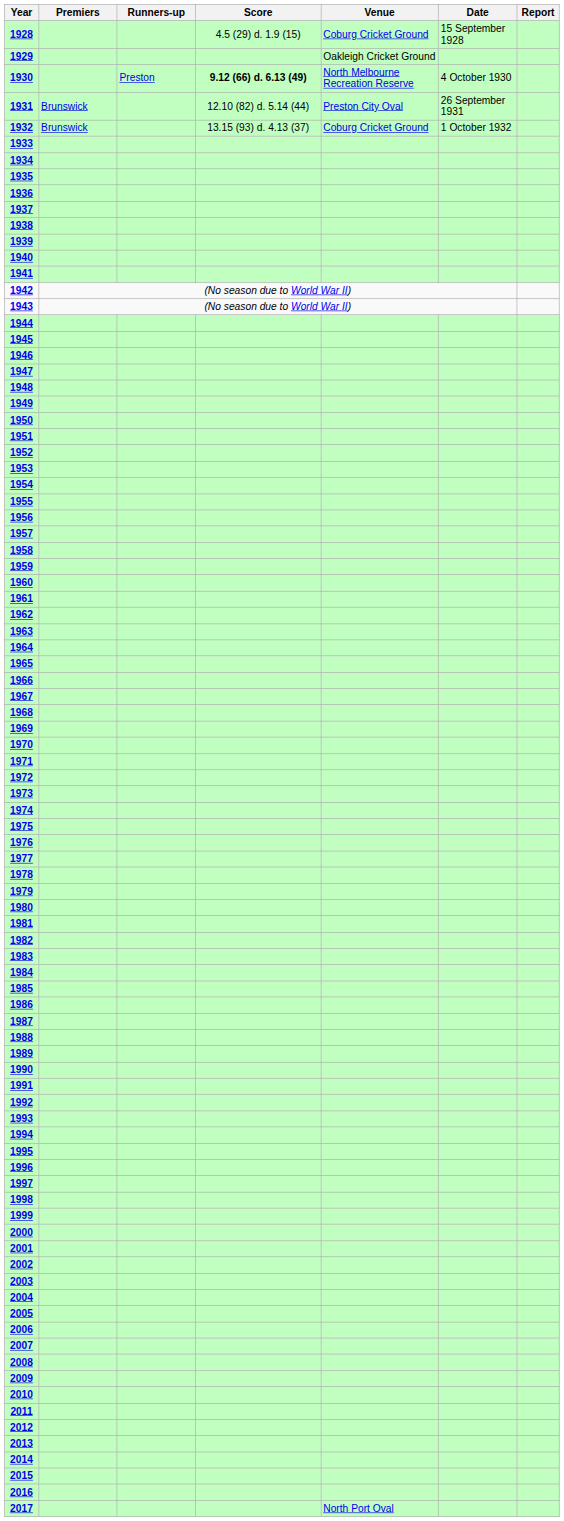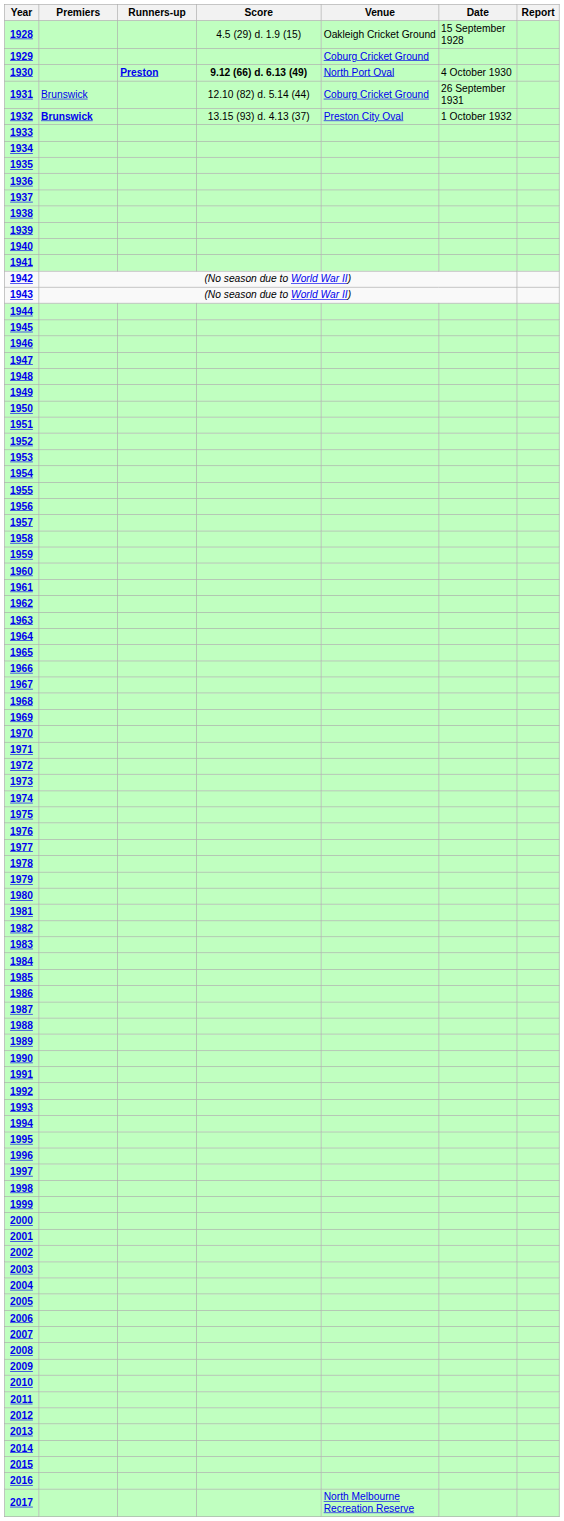 <table class="wikitable sortable" style="text-align:left; text-valign:center">
 <tr>
 <th width=3%>Year</th>
 <th width=10%>Premiers</th>
 <th width=10%>Runners-up</th>
 <th width=16%>Score</th>
 <th width=15%>Venue</th>
 <th width=10%; class=unsortable>Date</th>
 <th width=2%; class=unsortable>Report</th>
 </tr>
 <tr style="background:#C0FFC0;">
 <td align=center><strong><a href='#'>1928</a></strong></td>
 <td> </td>
 <td></td>
 <td align=center>4.5 (29) d. 1.9 (15)</td>
-<td><a href='#'>Coburg Cricket Ground</a></td>
+<td>Oakleigh Cricket Ground</td>
 <td>15 September 1928</td>
 <td align=center></td>
 </tr>
 <tr style="background:#C0FFC0;">
 <td align=center><strong><a href='#'>1929</a></strong></td>
 <td> </td>
 <td></td>
 <td align=center></td>
-<td>Oakleigh Cricket Ground</td>
+<td><a href='#'>Coburg Cricket Ground</a></td>
 <td></td>
 <td align=center></td>
 </tr>
 <tr style="background:#C0FFC0;">
 <td align=center><strong><a href='#'>1930</a></strong></td>
 <td> </td>
-<td><a href='#'>Preston</a></td>
+<td><strong><a href='#'>Preston</a></strong></td>
 <td align=center><strong>9.12 (66) d. 6.13 (49)</strong></td>
-<td><a href='#'>North Melbourne Recreation Reserve</a></td>
+<td><a href='#'>North Port Oval</a></td>
 <td>4 October 1930</td>
 <td align=center></td>
 </tr>
 <tr style="background:#C0FFC0;">
 <td align=center><strong><a href='#'>1931</a></strong></td>
 <td><a href='#'>Brunswick</a> </td>
 <td></td>
 <td align=center>12.10 (82) d. 5.14 (44)</td>
-<td><a href='#'>Preston City Oval</a></td>
+<td><a href='#'>Coburg Cricket Ground</a></td>
 <td>26 September 1931</td>
 <td align=center></td>
 </tr>
 <tr style="background:#C0FFC0;">
 <td align=center><strong><a href='#'>1932</a></strong></td>
-<td><a href='#'>Brunswick</a> </td>
+<td><strong><a href='#'>Brunswick</a> </strong></td>
 <td></td>
 <td align=center>13.15 (93) d. 4.13 (37)</td>
-<td><a href='#'>Coburg Cricket Ground</a></td>
+<td><a href='#'>Preston City Oval</a></td>
 <td>1 October 1932</td>
 <td align=center></td>
 </tr>
 <tr style="background:#C0FFC0;">
 <td align="center"><strong><a href='#'>1933</a></strong></td>
 <td></td>
 <td></td>
 <td align=center></td>
 <td></td>
 <td></td>
 <td align=center></td>
 </tr>
 <tr style="background:#C0FFC0;">
 <td align="center"><strong><a href='#'>1934</a></strong></td>
 <td></td>
 <td></td>
 <td align=center></td>
 <td></td>
 <td></td>
 <td align=center></td>
 </tr>
 <tr style="background:#C0FFC0;">
 <td align="center"><strong><a href='#'>1935</a></strong></td>
 <td></td>
 <td></td>
 <td align=center></td>
 <td></td>
 <td></td>
 <td align=center></td>
 </tr>
 <tr style="background:#C0FFC0;">
 <td align="center"><strong><a href='#'>1936</a></strong></td>
 <td></td>
 <td></td>
 <td align=center></td>
 <td></td>
 <td></td>
 <td align=center></td>
 </tr>
 <tr style="background:#C0FFC0;">
 <td align="center"><strong><a href='#'>1937</a></strong></td>
 <td></td>
 <td></td>
 <td align=center></td>
 <td></td>
 <td></td>
 <td align=center></td>
 </tr>
 <tr style="background:#C0FFC0;">
 <td align="center"><strong><a href='#'>1938</a></strong></td>
 <td></td>
 <td></td>
 <td align=center></td>
 <td></td>
 <td></td>
 <td align=center></td>
 </tr>
 <tr style="background:#C0FFC0;">
 <td align="center"><strong><a href='#'>1939</a></strong></td>
 <td></td>
 <td></td>
 <td align=center></td>
 <td></td>
 <td></td>
 <td align=center></td>
 </tr>
 <tr style="background:#C0FFC0;">
 <td align="center"><strong><a href='#'>1940</a></strong></td>
 <td></td>
 <td></td>
 <td align=center></td>
 <td></td>
 <td></td>
 <td align=center></td>
 </tr>
 <tr style="background:#C0FFC0;">
 <td align="center"><strong><a href='#'>1941</a></strong></td>
 <td></td>
 <td></td>
 <td align=center></td>
 <td></td>
 <td></td>
 <td align=center></td>
 </tr>
 <tr>
 <td align="center"><strong><a href='#'>1942</a></strong></td>
 <td colspan="5"; align="center"><em>(No season due to <a href='#'>World War II</a>)</em></td>
 <td align=center></td>
 </tr>
 <tr>
 <td align="center"><strong><a href='#'>1943</a></strong></td>
 <td colspan="5"; align="center"><em>(No season due to <a href='#'>World War II</a>)</em></td>
 <td align=center></td>
 </tr>
 <tr style="background:#C0FFC0;">
 <td align="center"><strong><a href='#'>1944</a></strong></td>
 <td></td>
 <td></td>
 <td align=center></td>
 <td></td>
 <td></td>
 <td align=center></td>
 </tr>
 <tr style="background:#C0FFC0;">
 <td align="center"><strong><a href='#'>1945</a></strong></td>
 <td></td>
 <td></td>
 <td align=center></td>
 <td></td>
 <td></td>
 <td align=center></td>
 </tr>
 <tr style="background:#C0FFC0;">
 <td align="center"><strong><a href='#'>1946</a></strong></td>
 <td></td>
 <td></td>
 <td align=center></td>
 <td></td>
 <td></td>
 <td align=center></td>
 </tr>
 <tr style="background:#C0FFC0;">
 <td align="center"><strong><a href='#'>1947</a></strong></td>
 <td></td>
 <td></td>
 <td align=center></td>
 <td></td>
 <td></td>
 <td align=center></td>
 </tr>
 <tr style="background:#C0FFC0;">
 <td align="center"><strong><a href='#'>1948</a></strong></td>
 <td></td>
 <td></td>
 <td align=center></td>
 <td></td>
 <td></td>
 <td align=center></td>
 </tr>
 <tr style="background:#C0FFC0;">
 <td align="center"><strong><a href='#'>1949</a></strong></td>
 <td></td>
 <td></td>
 <td align=center></td>
 <td></td>
 <td></td>
 <td align=center></td>
 </tr>
 <tr style="background:#C0FFC0;">
 <td align="center"><strong><a href='#'>1950</a></strong></td>
 <td></td>
 <td></td>
 <td align=center></td>
 <td></td>
 <td></td>
 <td align=center></td>
 </tr>
 <tr style="background:#C0FFC0;">
 <td align="center"><strong><a href='#'>1951</a></strong></td>
 <td></td>
 <td></td>
 <td align=center></td>
 <td></td>
 <td></td>
 <td align=center></td>
 </tr>
 <tr style="background:#C0FFC0;">
 <td align="center"><strong><a href='#'>1952</a></strong></td>
 <td></td>
 <td></td>
 <td align=center></td>
 <td></td>
 <td></td>
 <td align=center></td>
 </tr>
 <tr style="background:#C0FFC0;">
 <td align="center"><strong><a href='#'>1953</a></strong></td>
 <td></td>
 <td></td>
 <td align=center></td>
 <td></td>
 <td></td>
 <td align=center></td>
 </tr>
 <tr style="background:#C0FFC0;">
 <td align="center"><strong><a href='#'>1954</a></strong></td>
 <td></td>
 <td></td>
 <td align=center></td>
 <td></td>
 <td></td>
 <td align=center></td>
 </tr>
 <tr style="background:#C0FFC0;">
 <td align="center"><strong><a href='#'>1955</a></strong></td>
 <td></td>
 <td></td>
 <td align=center></td>
 <td></td>
 <td></td>
 <td align=center></td>
 </tr>
 <tr style="background:#C0FFC0;">
 <td align="center"><strong><a href='#'>1956</a></strong></td>
 <td></td>
 <td></td>
 <td align=center></td>
 <td></td>
 <td></td>
 <td align=center></td>
 </tr>
 <tr style="background:#C0FFC0;">
 <td align="center"><strong><a href='#'>1957</a></strong></td>
 <td></td>
 <td></td>
 <td align=center></td>
 <td></td>
 <td></td>
 <td align=center></td>
 </tr>
 <tr style="background:#C0FFC0;">
 <td align="center"><strong><a href='#'>1958</a></strong></td>
 <td></td>
 <td></td>
 <td align=center></td>
 <td></td>
 <td></td>
 <td align=center></td>
 </tr>
 <tr style="background:#C0FFC0;">
 <td align="center"><strong><a href='#'>1959</a></strong></td>
 <td></td>
 <td></td>
 <td align=center></td>
 <td></td>
 <td></td>
 <td align=center></td>
 </tr>
 <tr style="background:#C0FFC0;">
 <td align="center"><strong><a href='#'>1960</a></strong></td>
 <td></td>
 <td></td>
 <td align=center></td>
 <td></td>
 <td></td>
 <td align=center></td>
 </tr>
 <tr style="background:#C0FFC0;">
 <td align="center"><strong><a href='#'>1961</a></strong></td>
 <td></td>
 <td></td>
 <td align=center></td>
 <td></td>
 <td></td>
 <td align=center></td>
 </tr>
 <tr style="background:#C0FFC0;">
 <td align="center"><strong><a href='#'>1962</a></strong></td>
 <td></td>
 <td></td>
 <td align=center></td>
 <td></td>
 <td></td>
 <td align=center></td>
 </tr>
 <tr style="background:#C0FFC0;">
 <td align="center"><strong><a href='#'>1963</a></strong></td>
 <td></td>
 <td></td>
 <td align=center></td>
 <td></td>
 <td></td>
 <td align=center></td>
 </tr>
 <tr style="background:#C0FFC0;">
 <td align="center"><strong><a href='#'>1964</a></strong></td>
 <td></td>
 <td></td>
 <td align=center></td>
 <td></td>
 <td></td>
 <td align=center></td>
 </tr>
 <tr style="background:#C0FFC0;">
 <td align="center"><strong><a href='#'>1965</a></strong></td>
 <td></td>
 <td></td>
 <td align=center></td>
 <td></td>
 <td></td>
 <td align=center></td>
 </tr>
 <tr style="background:#C0FFC0;">
 <td align="center"><strong><a href='#'>1966</a></strong></td>
 <td></td>
 <td></td>
 <td align=center></td>
 <td></td>
 <td></td>
 <td align=center></td>
 </tr>
 <tr style="background:#C0FFC0;">
 <td align="center"><strong><a href='#'>1967</a></strong></td>
 <td></td>
 <td></td>
 <td align=center></td>
 <td></td>
 <td></td>
 <td align=center></td>
 </tr>
 <tr style="background:#C0FFC0;">
 <td align="center"><strong><a href='#'>1968</a></strong></td>
 <td></td>
 <td></td>
 <td align=center></td>
 <td></td>
 <td></td>
 <td align=center></td>
 </tr>
 <tr style="background:#C0FFC0;">
 <td align="center"><strong><a href='#'>1969</a></strong></td>
 <td></td>
 <td></td>
 <td align=center></td>
 <td></td>
 <td></td>
 <td align=center></td>
 </tr>
 <tr style="background:#C0FFC0;">
 <td align="center"><strong><a href='#'>1970</a></strong></td>
 <td></td>
 <td></td>
 <td align=center></td>
 <td></td>
 <td></td>
 <td align=center></td>
 </tr>
 <tr style="background:#C0FFC0;">
 <td align="center"><strong><a href='#'>1971</a></strong></td>
 <td></td>
 <td></td>
 <td align=center></td>
 <td></td>
 <td></td>
 <td align=center></td>
 </tr>
 <tr style="background:#C0FFC0;">
 <td align="center"><strong><a href='#'>1972</a></strong></td>
 <td></td>
 <td></td>
 <td align=center></td>
 <td></td>
 <td></td>
 <td align=center></td>
 </tr>
 <tr style="background:#C0FFC0;">
 <td align="center"><strong><a href='#'>1973</a></strong></td>
 <td></td>
 <td></td>
 <td align=center></td>
 <td></td>
 <td></td>
 <td align=center></td>
 </tr>
 <tr style="background:#C0FFC0;">
 <td align="center"><strong><a href='#'>1974</a></strong></td>
 <td></td>
 <td></td>
 <td align=center></td>
 <td></td>
 <td></td>
 <td align=center></td>
 </tr>
 <tr style="background:#C0FFC0;">
 <td align="center"><strong><a href='#'>1975</a></strong></td>
 <td></td>
 <td></td>
 <td align=center></td>
 <td></td>
 <td></td>
 <td align=center></td>
 </tr>
 <tr style="background:#C0FFC0;">
 <td align="center"><strong><a href='#'>1976</a></strong></td>
 <td></td>
 <td></td>
 <td align=center></td>
 <td></td>
 <td></td>
 <td align=center></td>
 </tr>
 <tr style="background:#C0FFC0;">
 <td align="center"><strong><a href='#'>1977</a></strong></td>
 <td></td>
 <td></td>
 <td align=center></td>
 <td></td>
 <td></td>
 <td align=center></td>
 </tr>
 <tr style="background:#C0FFC0;">
 <td align="center"><strong><a href='#'>1978</a></strong></td>
 <td></td>
 <td></td>
 <td align=center></td>
 <td></td>
 <td></td>
 <td align=center></td>
 </tr>
 <tr style="background:#C0FFC0;">
 <td align="center"><strong><a href='#'>1979</a></strong></td>
 <td></td>
 <td></td>
 <td align=center></td>
 <td></td>
 <td></td>
 <td align=center></td>
 </tr>
 <tr style="background:#C0FFC0;">
 <td align="center"><strong><a href='#'>1980</a></strong></td>
 <td></td>
 <td></td>
 <td align=center></td>
 <td></td>
 <td></td>
 <td align=center></td>
 </tr>
 <tr style="background:#C0FFC0;">
 <td align="center"><strong><a href='#'>1981</a></strong></td>
 <td></td>
 <td></td>
 <td align=center></td>
 <td></td>
 <td></td>
 <td align=center></td>
 </tr>
 <tr style="background:#C0FFC0;">
 <td align="center"><strong><a href='#'>1982</a></strong></td>
 <td></td>
 <td></td>
 <td align=center></td>
 <td></td>
 <td></td>
 <td align=center></td>
 </tr>
 <tr style="background:#C0FFC0;">
 <td align="center"><strong><a href='#'>1983</a></strong></td>
 <td></td>
 <td></td>
 <td align=center></td>
 <td></td>
 <td></td>
 <td align=center></td>
 </tr>
 <tr style="background:#C0FFC0;">
 <td align="center"><strong><a href='#'>1984</a></strong></td>
 <td></td>
 <td></td>
 <td align=center></td>
 <td></td>
 <td></td>
 <td align=center></td>
 </tr>
 <tr style="background:#C0FFC0;">
 <td align="center"><strong><a href='#'>1985</a></strong></td>
 <td></td>
 <td></td>
 <td align=center></td>
 <td></td>
 <td></td>
 <td align=center></td>
 </tr>
 <tr style="background:#C0FFC0;">
 <td align="center"><strong><a href='#'>1986</a></strong></td>
 <td></td>
 <td></td>
 <td align=center></td>
 <td></td>
 <td></td>
 <td align=center></td>
 </tr>
 <tr style="background:#C0FFC0;">
 <td align="center"><strong><a href='#'>1987</a></strong></td>
 <td></td>
 <td></td>
 <td align=center></td>
 <td></td>
 <td></td>
 <td align=center></td>
 </tr>
 <tr style="background:#C0FFC0;">
 <td align="center"><strong><a href='#'>1988</a></strong></td>
 <td></td>
 <td></td>
 <td align=center></td>
 <td></td>
 <td></td>
 <td align=center></td>
 </tr>
 <tr style="background:#C0FFC0;">
 <td align="center"><strong><a href='#'>1989</a></strong></td>
 <td></td>
 <td></td>
 <td align=center></td>
 <td></td>
 <td></td>
 <td align=center></td>
 </tr>
 <tr style="background:#C0FFC0;">
 <td align="center"><strong><a href='#'>1990</a></strong></td>
 <td></td>
 <td></td>
 <td align=center></td>
 <td></td>
 <td></td>
 <td align=center></td>
 </tr>
 <tr style="background:#C0FFC0;">
 <td align="center"><strong><a href='#'>1991</a></strong></td>
 <td></td>
 <td></td>
 <td align=center></td>
 <td></td>
 <td></td>
 <td align=center></td>
 </tr>
 <tr style="background:#C0FFC0;">
 <td align="center"><strong><a href='#'>1992</a></strong></td>
 <td></td>
 <td></td>
 <td align=center></td>
 <td></td>
 <td></td>
 <td align=center></td>
 </tr>
 <tr style="background:#C0FFC0;">
 <td align="center"><strong><a href='#'>1993</a></strong></td>
 <td></td>
 <td></td>
 <td align=center></td>
 <td></td>
 <td></td>
 <td align=center></td>
 </tr>
 <tr style="background:#C0FFC0;">
 <td align="center"><strong><a href='#'>1994</a></strong></td>
 <td></td>
 <td></td>
 <td align=center></td>
 <td></td>
 <td></td>
 <td align=center></td>
 </tr>
 <tr style="background:#C0FFC0;">
 <td align="center"><strong><a href='#'>1995</a></strong></td>
 <td></td>
 <td></td>
 <td align=center></td>
 <td></td>
 <td></td>
 <td align=center></td>
 </tr>
 <tr style="background:#C0FFC0;">
 <td align="center"><strong><a href='#'>1996</a></strong></td>
 <td></td>
 <td></td>
 <td align=center></td>
 <td></td>
 <td></td>
 <td align=center></td>
 </tr>
 <tr style="background:#C0FFC0;">
 <td align="center"><strong><a href='#'>1997</a></strong></td>
 <td></td>
 <td></td>
 <td align=center></td>
 <td></td>
 <td></td>
 <td align=center></td>
 </tr>
 <tr style="background:#C0FFC0;">
 <td align="center"><strong><a href='#'>1998</a></strong></td>
 <td></td>
 <td></td>
 <td align=center></td>
 <td></td>
 <td></td>
 <td align=center></td>
 </tr>
 <tr style="background:#C0FFC0;">
 <td align="center"><strong><a href='#'>1999</a></strong></td>
 <td></td>
 <td></td>
 <td align=center></td>
 <td></td>
 <td></td>
 <td align=center></td>
 </tr>
 <tr style="background:#C0FFC0;">
 <td align=center><strong><a href='#'>2000</a></strong></td>
 <td></td>
 <td></td>
 <td align=center></td>
 <td></td>
 <td></td>
 <td align=center></td>
 </tr>
 <tr style="background:#C0FFC0;">
 <td align=center><strong><a href='#'>2001</a></strong></td>
 <td></td>
 <td></td>
 <td align=center></td>
 <td></td>
 <td></td>
 <td align=center></td>
 </tr>
 <tr style="background:#C0FFC0;">
 <td align=center><strong><a href='#'>2002</a></strong></td>
 <td></td>
 <td></td>
 <td align=center></td>
 <td></td>
 <td></td>
 <td align=center></td>
 </tr>
 <tr style="background:#C0FFC0;">
 <td align=center><strong><a href='#'>2003</a></strong></td>
 <td></td>
 <td></td>
 <td align=center></td>
 <td></td>
 <td></td>
 <td align=center></td>
 </tr>
 <tr style="background:#C0FFC0;">
 <td align=center><strong><a href='#'>2004</a></strong></td>
 <td></td>
 <td></td>
 <td align=center></td>
 <td></td>
 <td></td>
 <td align=center></td>
 </tr>
 <tr style="background:#C0FFC0;">
 <td align=center><strong><a href='#'>2005</a></strong></td>
 <td></td>
 <td></td>
 <td align=center></td>
 <td></td>
 <td></td>
 <td align=center></td>
 </tr>
 <tr style="background:#C0FFC0;">
 <td align=center><strong><a href='#'>2006</a></strong></td>
 <td></td>
 <td></td>
 <td align=center></td>
 <td></td>
 <td></td>
 <td align=center></td>
 </tr>
 <tr style="background:#C0FFC0;">
 <td align=center><strong><a href='#'>2007</a></strong></td>
 <td></td>
 <td></td>
 <td align=center></td>
 <td></td>
 <td></td>
 <td align=center></td>
 </tr>
 <tr style="background:#C0FFC0;">
 <td align=center><strong><a href='#'>2008</a></strong></td>
 <td></td>
 <td></td>
 <td align=center></td>
 <td></td>
 <td></td>
 <td align=center></td>
 </tr>
 <tr style="background:#C0FFC0;">
 <td align=center><strong><a href='#'>2009</a></strong></td>
 <td></td>
 <td></td>
 <td align=center></td>
 <td></td>
 <td></td>
 <td align=center></td>
 </tr>
 <tr style="background:#C0FFC0;">
 <td align=center><strong><a href='#'>2010</a></strong></td>
 <td></td>
 <td></td>
 <td align=center></td>
 <td></td>
 <td></td>
 <td align=center></td>
 </tr>
 <tr style="background:#C0FFC0;">
 <td align=center><strong><a href='#'>2011</a></strong></td>
 <td></td>
 <td></td>
 <td align=center></td>
 <td></td>
 <td></td>
 <td align=center></td>
 </tr>
 <tr style="background:#C0FFC0;">
 <td align=center><strong><a href='#'>2012</a></strong></td>
 <td></td>
 <td></td>
 <td align=center></td>
 <td></td>
 <td></td>
 <td align=center></td>
 </tr>
 <tr style="background:#C0FFC0;">
 <td align=center><strong><a href='#'>2013</a></strong></td>
 <td></td>
 <td></td>
 <td align=center></td>
 <td></td>
 <td></td>
 <td align=center></td>
 </tr>
 <tr style="background:#C0FFC0;">
 <td align=center><strong><a href='#'>2014</a></strong></td>
 <td></td>
 <td></td>
 <td align=center></td>
 <td></td>
 <td></td>
 <td align=center></td>
 </tr>
 <tr style="background:#C0FFC0;">
 <td align=center><strong><a href='#'>2015</a></strong></td>
 <td></td>
 <td></td>
 <td align=center></td>
 <td></td>
 <td></td>
 <td align=center></td>
 </tr>
 <tr style="background:#C0FFC0;">
 <td align=center><strong><a href='#'>2016</a></strong></td>
 <td></td>
 <td></td>
 <td align=center></td>
 <td></td>
 <td></td>
 <td align=center></td>
 </tr>
 <tr style="background:#C0FFC0;">
 <td align=center><strong><a href='#'>2017</a></strong></td>
 <td></td>
 <td></td>
 <td align=center></td>
-<td><a href='#'>North Port Oval</a></td>
+<td><a href='#'>North Melbourne Recreation Reserve</a></td>
 <td></td>
 <td align=center></td>
 </tr>
 </table>
